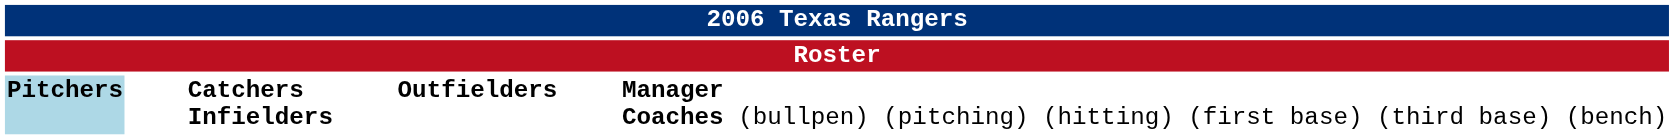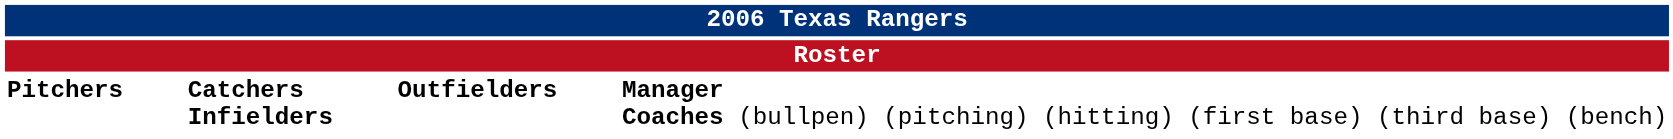 <table class="toccolours" style="font-size: 95%;">
 <tr>
 <th colspan="10" style="background-color: #003279; color: #FFFFFF; text-align: center;">2006 Texas Rangers</th>
 </tr>
 <tr>
 <td colspan="10" style="background-color: #bd1021; color: white; text-align: center;"><strong>Roster</strong></td>
 </tr>
 <tr>
-<td valign="top" style="background: lightblue;"><strong>Pitchers</strong><br>                         </td>
+<td valign="top"><strong>Pitchers</strong><br>                         </td>
 <td width="25px"></td>
 <td valign="top"><strong>Catchers</strong><br>   <strong>Infielders</strong>          </td>
 <td width="25px"></td>
 <td valign="top"><strong>Outfielders</strong><br>           </td>
 <td width="25px"></td>
 <td valign="top"><strong>Manager</strong><br> <strong>Coaches</strong>  (bullpen)  (pitching)  (hitting)  (first base)  (third base)  (bench)</td>
 </tr>
 </table>
